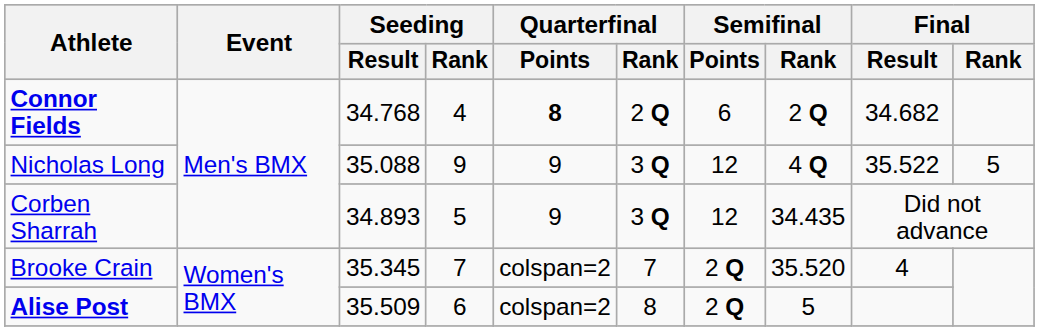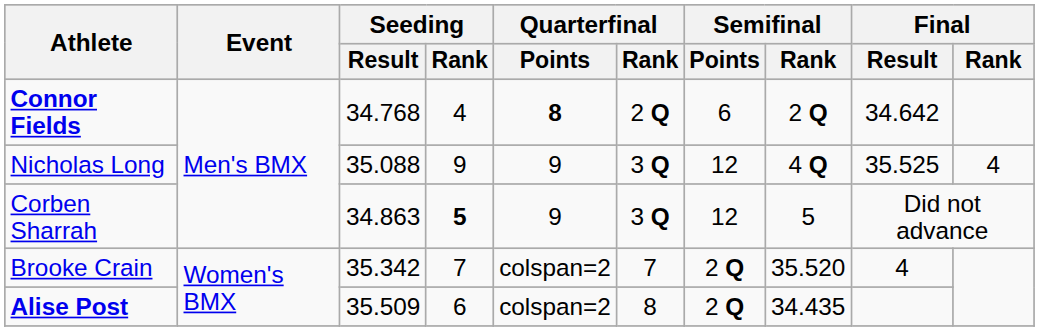 <table class=wikitable style=font-size:90%;text-align:center>
 <tr>
 <th rowspan=2>Athlete</th>
 <th rowspan=2>Event</th>
 <th colspan=2>Seeding</th>
 <th colspan=2>Quarterfinal</th>
 <th colspan=2>Semifinal</th>
 <th colspan=2>Final</th>
 </tr>
 <tr style=font-size:95%>
 <th>Result</th>
 <th>Rank</th>
 <th>Points</th>
 <th>Rank</th>
 <th>Points</th>
 <th>Rank</th>
 <th>Result</th>
 <th>Rank</th>
 </tr>
 <tr>
 <td align=left><strong><a href='#'>Connor Fields</a></strong></td>
 <td align=left rowspan=3><a href='#'>Men's BMX</a></td>
 <td>34.768</td>
 <td>4</td>
 <td><strong>8</strong></td>
 <td>2 <strong>Q</strong></td>
 <td>6</td>
 <td>2 <strong>Q</strong></td>
-<td>34.682</td>
+<td>34.642</td>
 <td></td>
 </tr>
 <tr>
 <td align=left><a href='#'>Nicholas Long</a></td>
 <td>35.088</td>
 <td>9</td>
 <td>9</td>
 <td>3 <strong>Q</strong></td>
 <td>12</td>
 <td>4 <strong>Q</strong></td>
-<td>35.522</td>
-<td>5</td>
+<td>35.525</td>
+<td>4</td>
 </tr>
 <tr>
 <td align=left><a href='#'>Corben Sharrah</a></td>
-<td>34.893</td>
-<td>5</td>
+<td>34.863</td>
+<td><strong>5</strong></td>
 <td>9</td>
 <td>3 <strong>Q</strong></td>
 <td>12</td>
-<td>34.435</td>
+<td>5</td>
 <td colspan=2>Did not advance</td>
 </tr>
 <tr>
 <td align=left><a href='#'>Brooke Crain</a></td>
 <td align=left rowspan=2><a href='#'>Women's BMX</a></td>
-<td>35.345</td>
+<td>35.342</td>
 <td>7</td>
 <td>colspan=2 </td>
 <td>7</td>
 <td>2 <strong>Q</strong></td>
 <td>35.520</td>
 <td>4</td>
 </tr>
 <tr>
 <td align=left><strong><a href='#'>Alise Post</a></strong></td>
 <td>35.509</td>
 <td>6</td>
 <td>colspan=2 </td>
 <td>8</td>
 <td>2 <strong>Q</strong></td>
-<td>5</td>
+<td>34.435</td>
 <td></td>
 </tr>
 </table>
